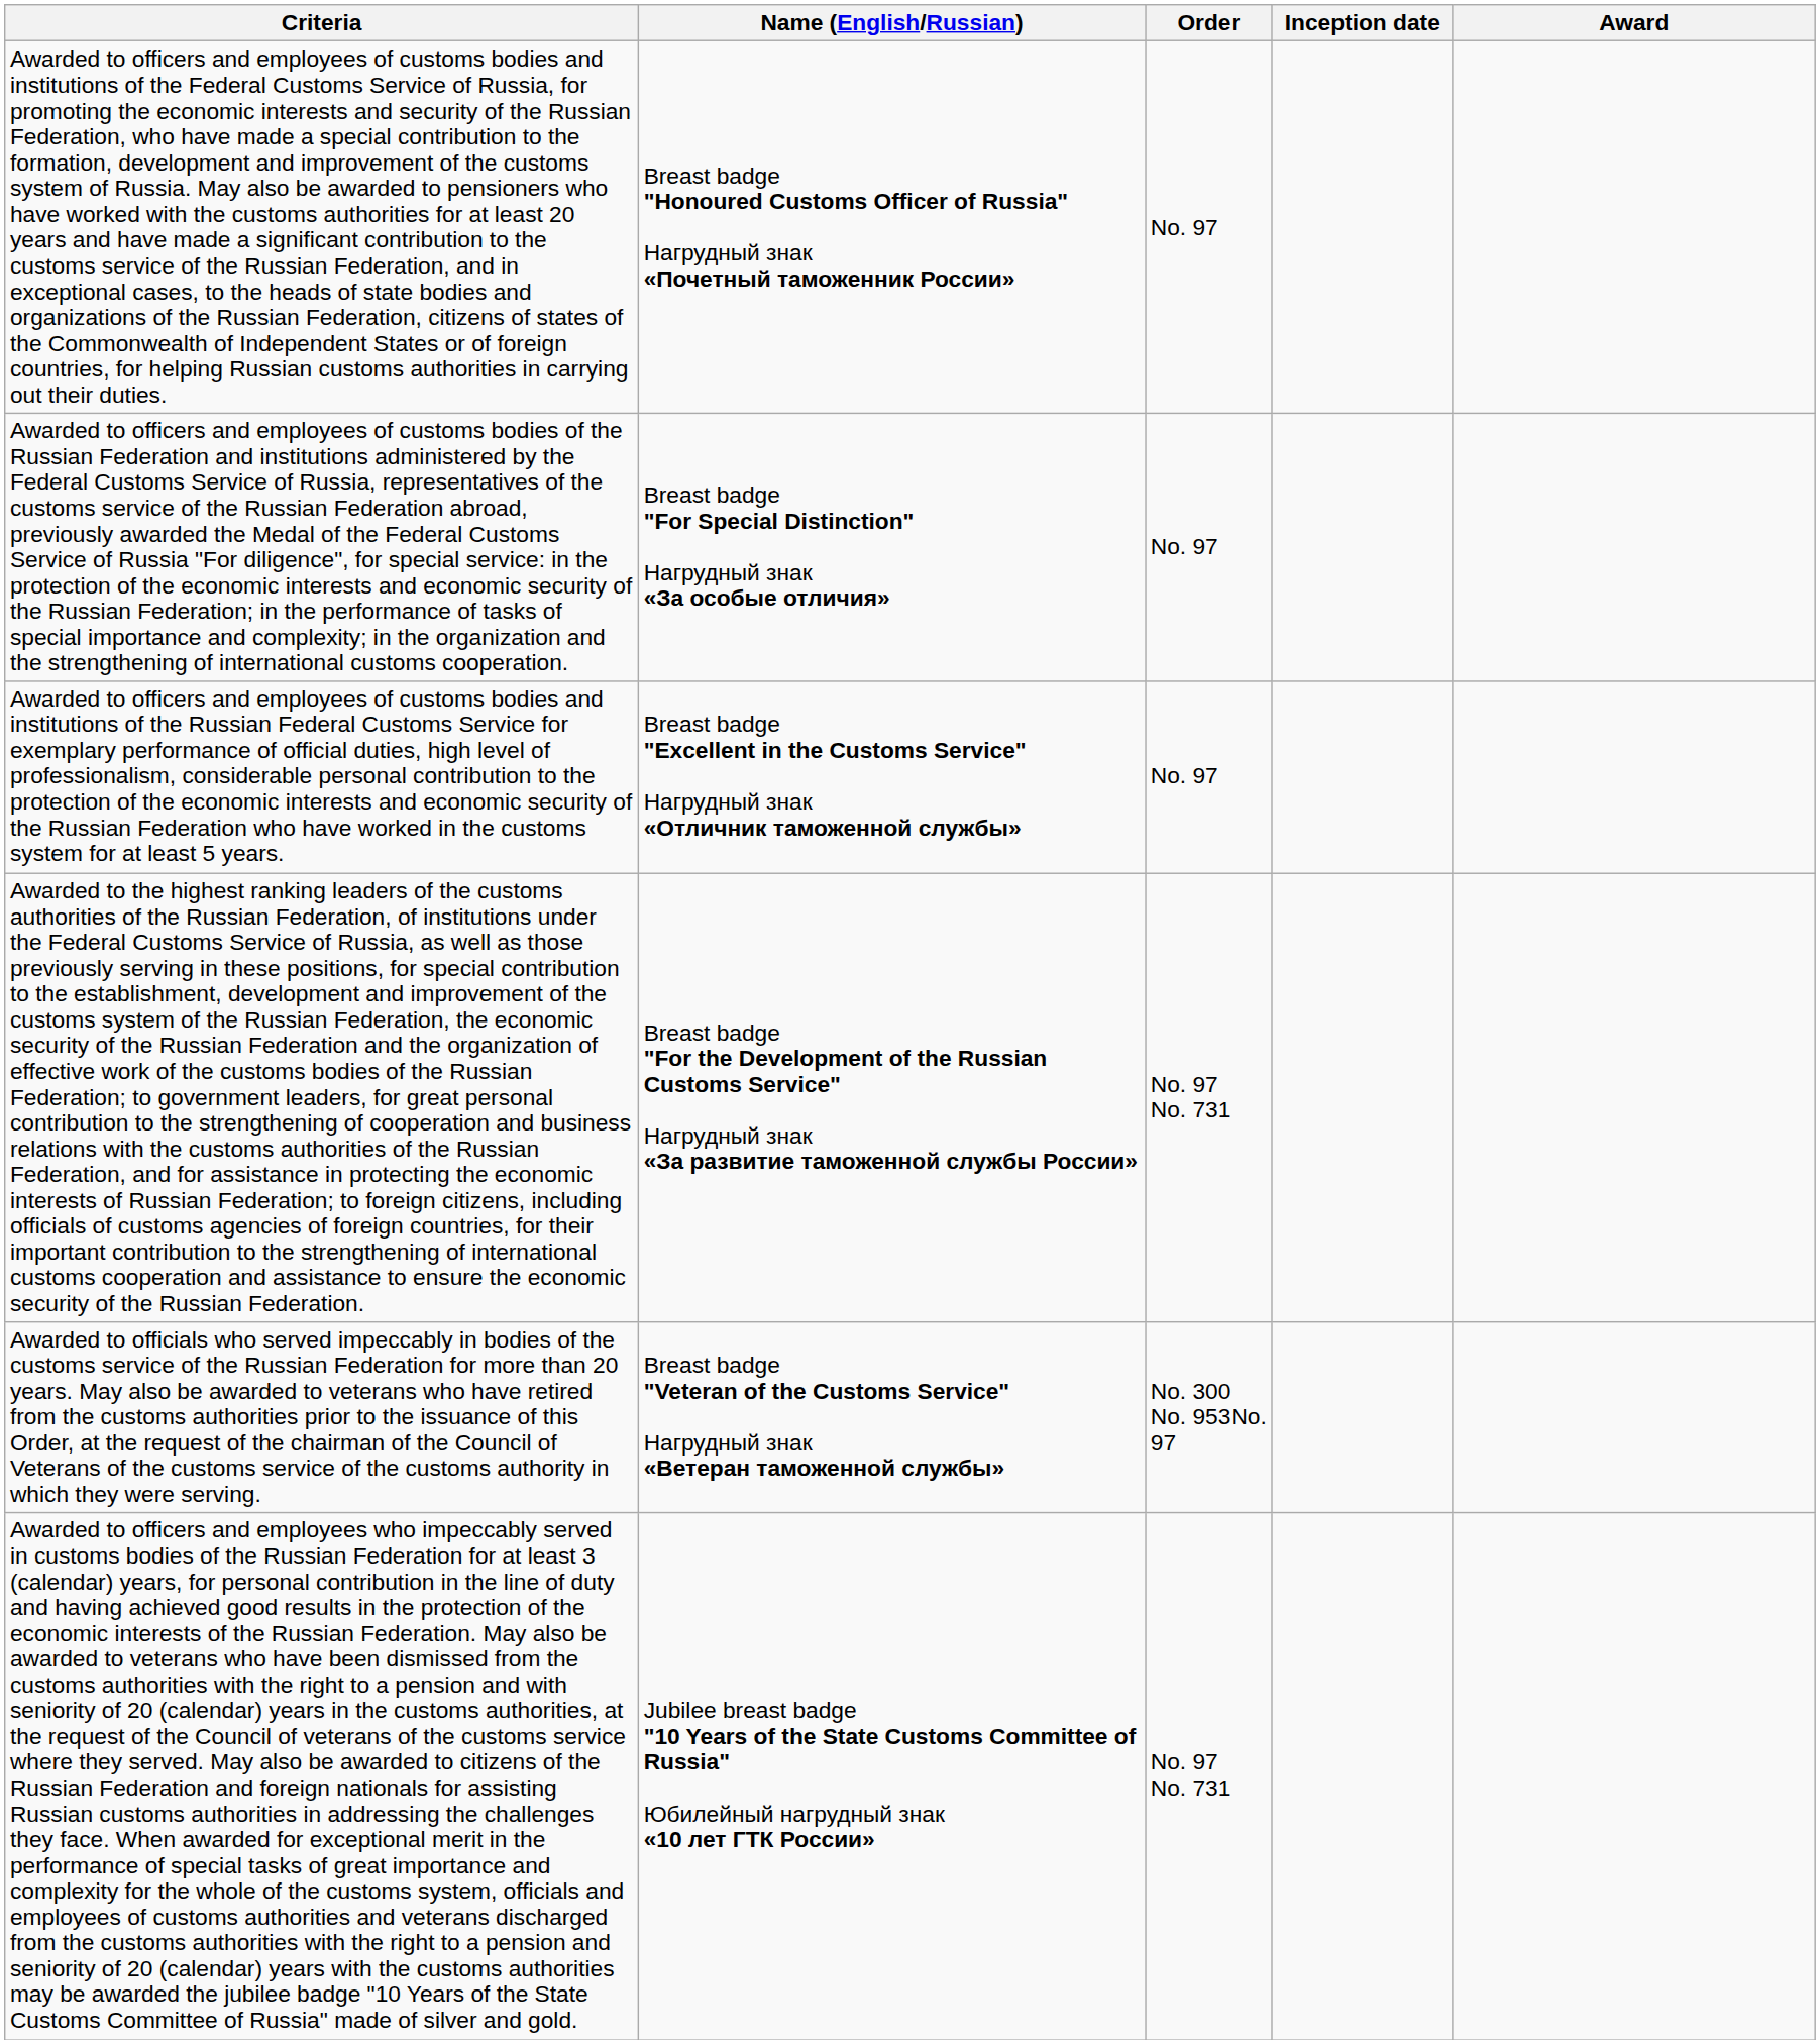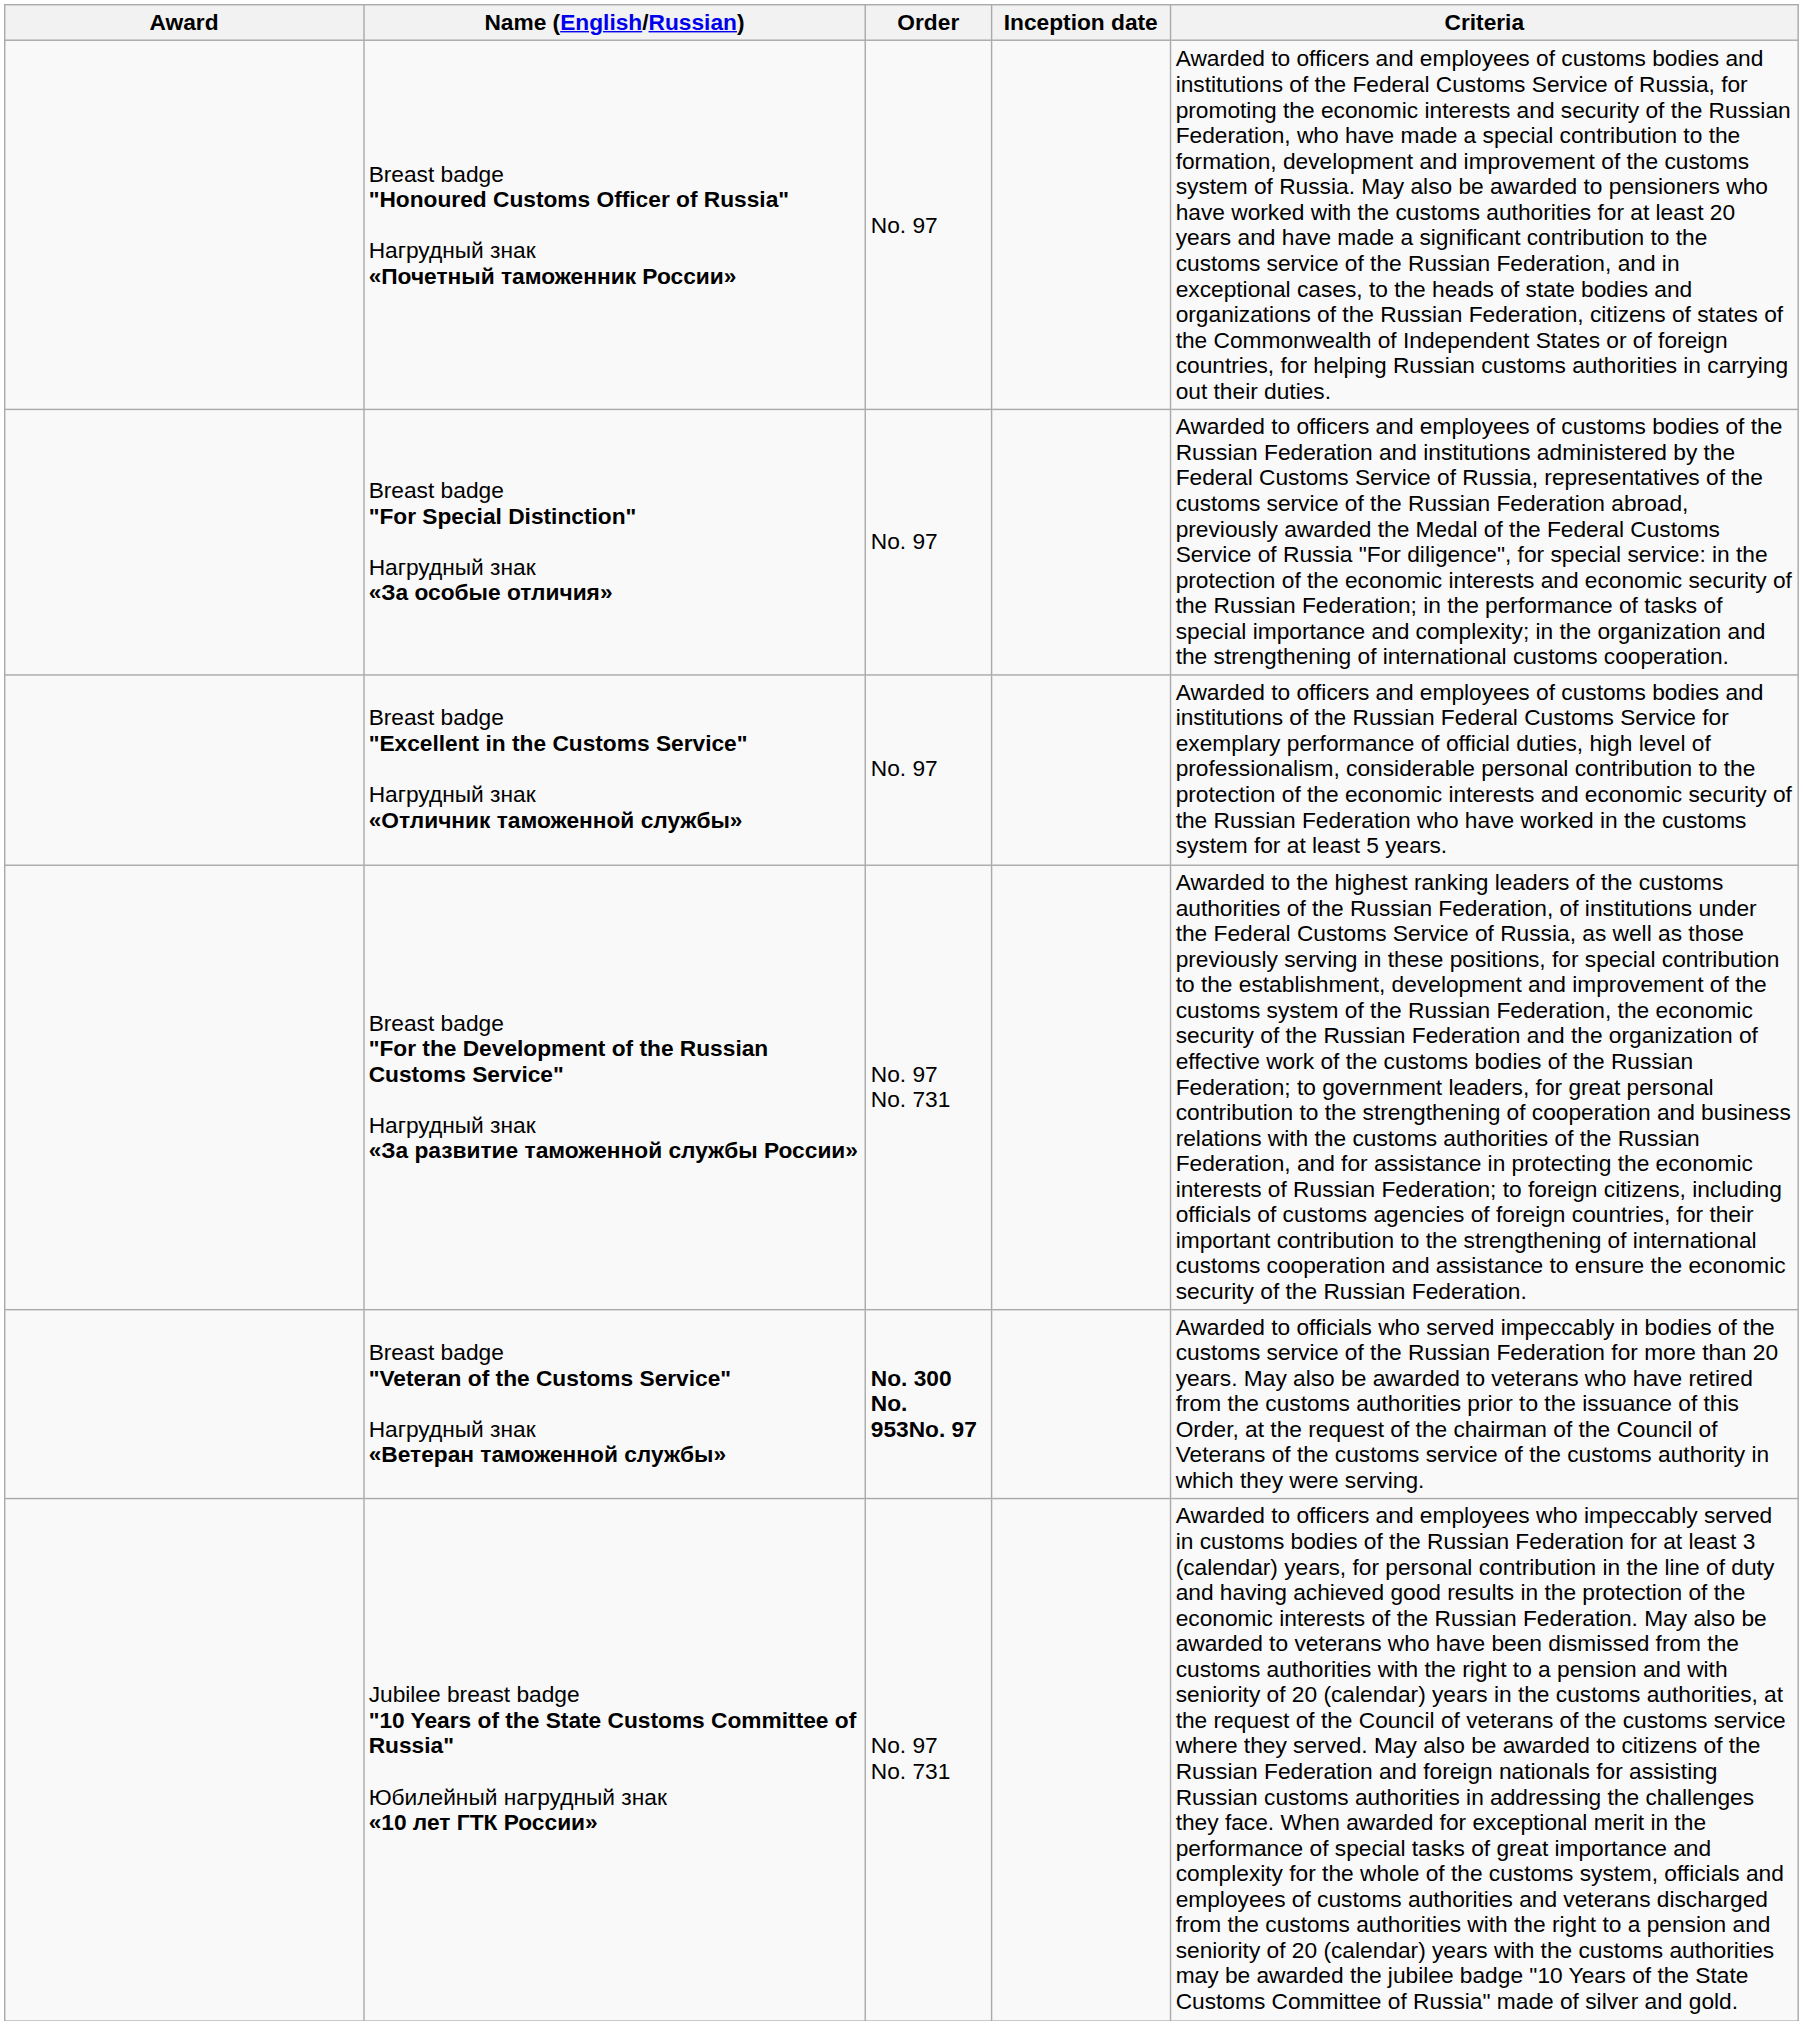 <table class="wikitable sortable" style="width:100%">
 <tr>
-<th style="width:35%">Criteria</th>
+<th style="width:20%">Award</th>
 <th style="width:28%">Name (<a href='#'>English</a>/<a href='#'>Russian</a>)</th>
 <th style="width:7%">Order</th>
 <th style="width:10%">Inception date</th>
-<th style="width:20%">Award</th>
+<th style="width:35%">Criteria</th>
 </tr>
 <tr>
-<td>Awarded to officers and employees of customs bodies and institutions of the Federal Customs Service of Russia, for promoting the economic interests and security of the Russian Federation, who have made a special contribution to the formation, development and improvement of the customs system of Russia.  May also be awarded to pensioners who have worked with the customs authorities for at least 20 years and have made a significant contribution to the customs service of the Russian Federation, and in exceptional cases, to the heads of state bodies and organizations of the Russian Federation, citizens of states of the Commonwealth of Independent States or of foreign countries, for helping Russian customs authorities in carrying out their duties.</td>
+<td></td>
 <td>Breast badge<br><strong>"Honoured Customs Officer of Russia"</strong><br><br>Нагрудный знак<br><strong>«Почетный таможенник России»</strong></td>
 <td>No. 97</td>
 <td></td>
-<td></td>
+<td>Awarded to officers and employees of customs bodies and institutions of the Federal Customs Service of Russia, for promoting the economic interests and security of the Russian Federation, who have made a special contribution to the formation, development and improvement of the customs system of Russia.  May also be awarded to pensioners who have worked with the customs authorities for at least 20 years and have made a significant contribution to the customs service of the Russian Federation, and in exceptional cases, to the heads of state bodies and organizations of the Russian Federation, citizens of states of the Commonwealth of Independent States or of foreign countries, for helping Russian customs authorities in carrying out their duties.</td>
 </tr>
 <tr>
-<td>Awarded to officers and employees of customs bodies of the Russian Federation and institutions administered by the Federal Customs Service of Russia, representatives of the customs service of the Russian Federation abroad, previously awarded the Medal of the Federal Customs Service of Russia "For diligence", for special service: in the protection of the economic interests and economic security of the Russian Federation; in the performance of tasks of special importance and complexity; in the organization and the strengthening of international customs cooperation.</td>
+<td></td>
 <td>Breast badge<br><strong>"For Special Distinction"</strong><br><br>Нагрудный знак<br><strong>«За особые отличия»</strong></td>
 <td>No. 97</td>
 <td></td>
-<td></td>
+<td>Awarded to officers and employees of customs bodies of the Russian Federation and institutions administered by the Federal Customs Service of Russia, representatives of the customs service of the Russian Federation abroad, previously awarded the Medal of the Federal Customs Service of Russia "For diligence", for special service: in the protection of the economic interests and economic security of the Russian Federation; in the performance of tasks of special importance and complexity; in the organization and the strengthening of international customs cooperation.</td>
 </tr>
 <tr>
-<td>Awarded to officers and employees of customs bodies and institutions of the Russian Federal Customs Service for exemplary performance of official duties, high level of professionalism, considerable personal contribution to the protection of the economic interests and economic security of the Russian Federation who have worked in the customs system for at least 5 years.</td>
+<td></td>
 <td>Breast badge<br><strong>"Excellent in the Customs Service"</strong><br><br>Нагрудный знак<br><strong>«Отличник таможенной службы»</strong></td>
 <td>No. 97</td>
 <td></td>
-<td></td>
+<td>Awarded to officers and employees of customs bodies and institutions of the Russian Federal Customs Service for exemplary performance of official duties, high level of professionalism, considerable personal contribution to the protection of the economic interests and economic security of the Russian Federation who have worked in the customs system for at least 5 years.</td>
 </tr>
 <tr>
-<td>Awarded to the highest ranking leaders of the customs authorities of the Russian Federation, of institutions under the Federal Customs Service of Russia, as well as those previously serving in these positions, for special contribution to the establishment, development and improvement of the customs system of the Russian Federation, the economic security of the Russian Federation and the organization of effective work of the customs bodies of the Russian Federation; to government leaders, for great personal contribution to the strengthening of cooperation and business relations with the customs authorities of the Russian Federation, and for assistance in protecting the economic interests of Russian Federation; to foreign citizens, including officials of customs agencies of foreign countries, for their important contribution to the strengthening of international customs cooperation and assistance to ensure the economic security of the Russian Federation.<br></td>
+<td></td>
 <td>Breast badge<br><strong>"For the Development of the Russian Customs Service"</strong><br><br>Нагрудный знак<br><strong>«За развитие таможенной службы России»</strong></td>
 <td>No. 97<br>No. 731</td>
 <td><br></td>
-<td></td>
+<td>Awarded to the highest ranking leaders of the customs authorities of the Russian Federation, of institutions under the Federal Customs Service of Russia, as well as those previously serving in these positions, for special contribution to the establishment, development and improvement of the customs system of the Russian Federation, the economic security of the Russian Federation and the organization of effective work of the customs bodies of the Russian Federation; to government leaders, for great personal contribution to the strengthening of cooperation and business relations with the customs authorities of the Russian Federation, and for assistance in protecting the economic interests of Russian Federation; to foreign citizens, including officials of customs agencies of foreign countries, for their important contribution to the strengthening of international customs cooperation and assistance to ensure the economic security of the Russian Federation.<br></td>
 </tr>
 <tr>
+<td></td>
+<td>Breast badge<br><strong>"Veteran of the Customs Service"</strong><br><br>Нагрудный знак<br><strong>«Ветеран таможенной службы»</strong></td>
+<td><strong>No. 300<br>No. 953No. 97</strong></td>
+<td><br></td>
 <td>Awarded to officials who served impeccably in bodies of the customs service of the Russian Federation for more than 20 years.  May also be awarded to veterans who have retired from the customs authorities prior to the issuance of this Order, at the request of the chairman of the Council of Veterans of the customs service of the customs authority in which they were serving.</td>
-<td>Breast badge<br><strong>"Veteran of the Customs Service"</strong><br><br>Нагрудный знак<br><strong>«Ветеран таможенной службы»</strong></td>
-<td>No. 300<br>No. 953No. 97</td>
-<td><br></td>
-<td></td>
 </tr>
 <tr>
-<td>Awarded to officers and employees who impeccably served in customs bodies of the Russian Federation for at least 3 (calendar) years, for personal contribution in the line of duty and having achieved good results in the protection of the economic interests of the Russian Federation.  May also be awarded to veterans who have been dismissed from the customs authorities with the right to a pension and with seniority of 20 (calendar) years in the customs authorities, at the request of the  Council of veterans of the customs service where they served.  May also be awarded to citizens of the Russian Federation and foreign nationals for assisting Russian customs authorities in addressing the challenges they face.  When awarded for exceptional merit in the performance of special tasks of great importance and complexity for the whole of the customs system, officials and employees of customs authorities and veterans discharged from the customs authorities with the right to a pension and seniority of 20 (calendar) years with the customs authorities may be awarded the jubilee badge "10 Years of the State Customs Committee of Russia" made of silver and gold.</td>
+<td></td>
 <td>Jubilee breast badge<br><strong>"10 Years of the State Customs Committee of Russia"</strong><br><br>Юбилейный нагрудный знак<br><strong>«10 лет ГТК России»</strong></td>
 <td>No. 97<br>No. 731</td>
 <td></td>
-<td></td>
+<td>Awarded to officers and employees who impeccably served in customs bodies of the Russian Federation for at least 3 (calendar) years, for personal contribution in the line of duty and having achieved good results in the protection of the economic interests of the Russian Federation.  May also be awarded to veterans who have been dismissed from the customs authorities with the right to a pension and with seniority of 20 (calendar) years in the customs authorities, at the request of the  Council of veterans of the customs service where they served.  May also be awarded to citizens of the Russian Federation and foreign nationals for assisting Russian customs authorities in addressing the challenges they face.  When awarded for exceptional merit in the performance of special tasks of great importance and complexity for the whole of the customs system, officials and employees of customs authorities and veterans discharged from the customs authorities with the right to a pension and seniority of 20 (calendar) years with the customs authorities may be awarded the jubilee badge "10 Years of the State Customs Committee of Russia" made of silver and gold.</td>
 </tr>
 </table>
